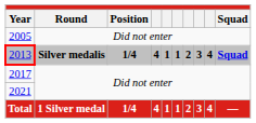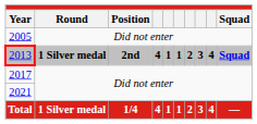 <table class="wikitable" style="text-align: center;">
 <tr>
 <th colspan="10" style="background: #DB2019; color: #FFFFFF;"><a href='#'></a></th>
 </tr>
 <tr>
 <th>Year</th>
 <th>Round</th>
 <th>Position</th>
 <th></th>
 <th></th>
 <th></th>
 <th></th>
 <th></th>
 <th></th>
 <th>Squad</th>
 </tr>
 <tr>
 <td> <a href='#'>2005</a></td>
 <td colspan=9><em>Did not enter</em></td>
 </tr>
 <tr style="background:silver;">
 <td style="border: 3px solid red"> <a href='#'>2013</a></td>
-<td><strong>Silver medalis</strong></td>
-<td><strong>1/4</strong></td>
+<td><strong>1 Silver medal</strong></td>
+<td><strong>2nd</strong></td>
 <td><strong>4</strong></td>
 <td><strong>1</strong></td>
 <td><strong>1</strong></td>
 <td><strong>2</strong></td>
 <td><strong>3</strong></td>
 <td><strong>4</strong></td>
 <td><strong><a href='#'>Squad</a></strong></td>
 </tr>
 <tr>
 <td> <a href='#'>2017</a></td>
 <td rowspan=2 colspan=9><em>Did not enter</em></td>
 </tr>
 <tr>
 <td> <a href='#'>2021</a></td>
 </tr>
 <tr style="background: #DB2019; color: #FFFFFF;|">
 <td><strong>Total</strong></td>
 <td><strong>1 Silver medal</strong></td>
 <td><strong>1/4</strong></td>
 <td><strong>4</strong></td>
 <td><strong>1</strong></td>
 <td><strong>1</strong></td>
 <td><strong>2</strong></td>
 <td><strong>3</strong></td>
 <td><strong>4</strong></td>
 <td><strong>—</strong></td>
 </tr>
 </table>
